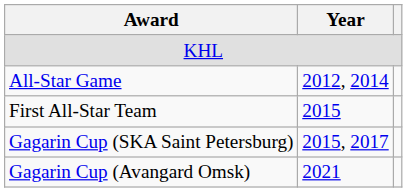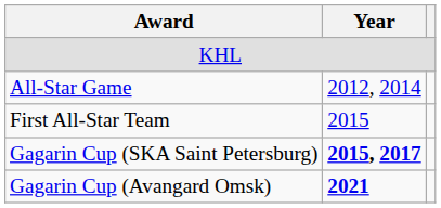 <table class="wikitable">
 <tr>
 <th>Award</th>
 <th>Year</th>
 <th></th>
 </tr>
 <tr ALIGN="center" bgcolor="#e0e0e0">
 <td colspan="3"><a href='#'>KHL</a></td>
 </tr>
 <tr>
 <td><a href='#'>All-Star Game</a></td>
 <td><a href='#'>2012</a>, <a href='#'>2014</a></td>
 <td></td>
 </tr>
 <tr>
 <td>First All-Star Team</td>
 <td><a href='#'>2015</a></td>
 <td></td>
 </tr>
 <tr>
 <td><a href='#'>Gagarin Cup</a> (SKA Saint Petersburg)</td>
-<td><a href='#'>2015</a>, <a href='#'>2017</a></td>
+<td><strong><a href='#'>2015</a>, <a href='#'>2017</a></strong></td>
 <td></td>
 </tr>
 <tr>
 <td><a href='#'>Gagarin Cup</a> (Avangard Omsk)</td>
-<td><a href='#'>2021</a></td>
+<td><strong><a href='#'>2021</a></strong></td>
 <td></td>
 </tr>
 </table>
